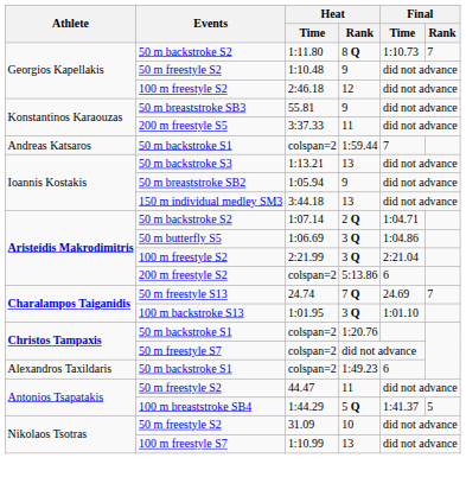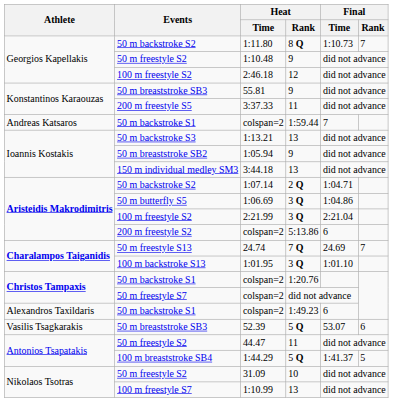 <table class=wikitable>
 <tr>
 <th rowspan="2">Athlete</th>
 <th rowspan="2">Events</th>
 <th colspan="2">Heat</th>
 <th colspan="2">Final</th>
 </tr>
 <tr>
 <th>Time</th>
 <th>Rank</th>
 <th>Time</th>
 <th>Rank</th>
 </tr>
 <tr>
 <td rowspan=3>Georgios Kapellakis</td>
 <td><a href='#'>50 m backstroke S2</a></td>
 <td>1:11.80</td>
 <td>8 <strong>Q</strong></td>
 <td>1:10.73</td>
 <td>7</td>
 </tr>
 <tr>
 <td><a href='#'>50 m freestyle S2</a></td>
 <td>1:10.48</td>
 <td>9</td>
 <td colspan=2>did not advance</td>
 </tr>
 <tr>
 <td><a href='#'>100 m freestyle S2</a></td>
 <td>2:46.18</td>
 <td>12</td>
 <td colspan=2>did not advance</td>
 </tr>
 <tr>
 <td rowspan=2>Konstantinos Karaouzas</td>
 <td><a href='#'>50 m breaststroke SB3</a></td>
 <td>55.81</td>
 <td>9</td>
 <td colspan=2>did not advance</td>
 </tr>
 <tr>
 <td><a href='#'>200 m freestyle S5</a></td>
 <td>3:37.33</td>
 <td>11</td>
 <td colspan=2>did not advance</td>
 </tr>
 <tr>
 <td>Andreas Katsaros</td>
 <td><a href='#'>50 m backstroke S1</a></td>
 <td>colspan=2 </td>
 <td>1:59.44</td>
 <td>7</td>
 </tr>
 <tr>
 <td rowspan=3>Ioannis Kostakis</td>
 <td><a href='#'>50 m backstroke S3</a></td>
 <td>1:13.21</td>
 <td>13</td>
 <td colspan=2>did not advance</td>
 </tr>
 <tr>
 <td><a href='#'>50 m breaststroke SB2</a></td>
 <td>1:05.94</td>
 <td>9</td>
 <td colspan=2>did not advance</td>
 </tr>
 <tr>
 <td><a href='#'>150 m individual medley SM3</a></td>
 <td>3:44.18</td>
 <td>13</td>
 <td colspan=2>did not advance</td>
 </tr>
 <tr>
 <td rowspan=4><strong><a href='#'>Aristeidis Makrodimitris</a></strong></td>
 <td><a href='#'>50 m backstroke S2</a></td>
 <td>1:07.14</td>
 <td>2 <strong>Q</strong></td>
 <td>1:04.71</td>
 <td></td>
 </tr>
 <tr>
 <td><a href='#'>50 m butterfly S5</a></td>
 <td>1:06.69</td>
 <td>3 <strong>Q</strong></td>
 <td>1:04.86</td>
 <td></td>
 </tr>
 <tr>
 <td><a href='#'>100 m freestyle S2</a></td>
 <td>2:21.99</td>
 <td>3 <strong>Q</strong></td>
 <td>2:21.04</td>
 <td></td>
 </tr>
 <tr>
 <td><a href='#'>200 m freestyle S2</a></td>
 <td>colspan=2 </td>
 <td>5:13.86</td>
 <td>6</td>
 </tr>
 <tr>
 <td rowspan=2><strong><a href='#'>Charalampos Taiganidis</a></strong></td>
 <td><a href='#'>50 m freestyle S13</a></td>
 <td>24.74</td>
 <td>7 <strong>Q</strong></td>
 <td>24.69</td>
 <td>7</td>
 </tr>
 <tr>
 <td><a href='#'>100 m backstroke S13</a></td>
 <td>1:01.95</td>
 <td>3 <strong>Q</strong></td>
 <td>1:01.10</td>
 <td></td>
 </tr>
 <tr>
 <td rowspan=2><strong><a href='#'>Christos Tampaxis</a></strong></td>
 <td><a href='#'>50 m backstroke S1</a></td>
 <td>colspan=2 </td>
 <td>1:20.76</td>
 <td></td>
 </tr>
 <tr>
 <td><a href='#'>50 m freestyle S7</a></td>
 <td>colspan=2 </td>
 <td colspan=2>did not advance</td>
 </tr>
 <tr>
 <td>Alexandros Taxildaris</td>
 <td><a href='#'>50 m backstroke S1</a></td>
 <td>colspan=2 </td>
 <td>1:49.23</td>
 <td>6</td>
 </tr>
 <tr>
+<td>Vasilis Tsagkarakis</td>
+<td><a href='#'>50 m breaststroke SB3</a></td>
+<td>52.39</td>
+<td>5 <strong>Q</strong></td>
+<td>53.07</td>
+<td>6</td>
+</tr>
+<tr>
 <td rowspan=2><a href='#'>Antonios Tsapatakis</a></td>
 <td><a href='#'>50 m freestyle S2</a></td>
 <td>44.47</td>
 <td>11</td>
 <td colspan=2>did not advance</td>
 </tr>
 <tr>
 <td><a href='#'>100 m breaststroke SB4</a></td>
 <td>1:44.29</td>
 <td>5 <strong>Q</strong></td>
 <td>1:41.37</td>
 <td>5</td>
 </tr>
 <tr>
 <td rowspan=2>Nikolaos Tsotras</td>
 <td><a href='#'>50 m freestyle S2</a></td>
 <td>31.09</td>
 <td>10</td>
 <td colspan=2>did not advance</td>
 </tr>
 <tr>
 <td><a href='#'>100 m freestyle S7</a></td>
 <td>1:10.99</td>
 <td>13</td>
 <td colspan=2>did not advance</td>
 </tr>
 </table>
